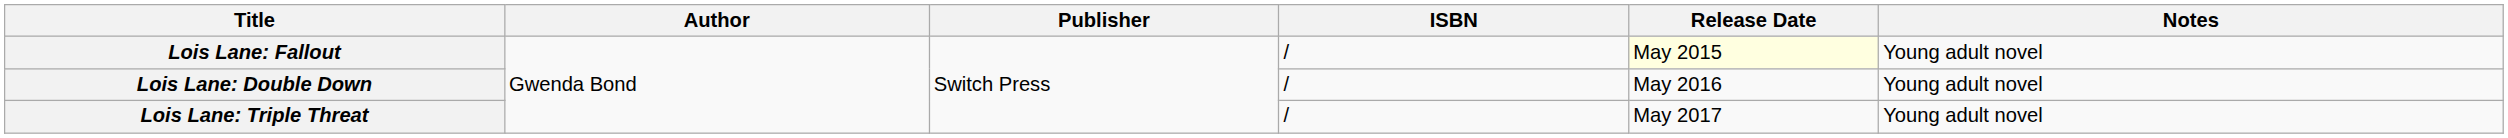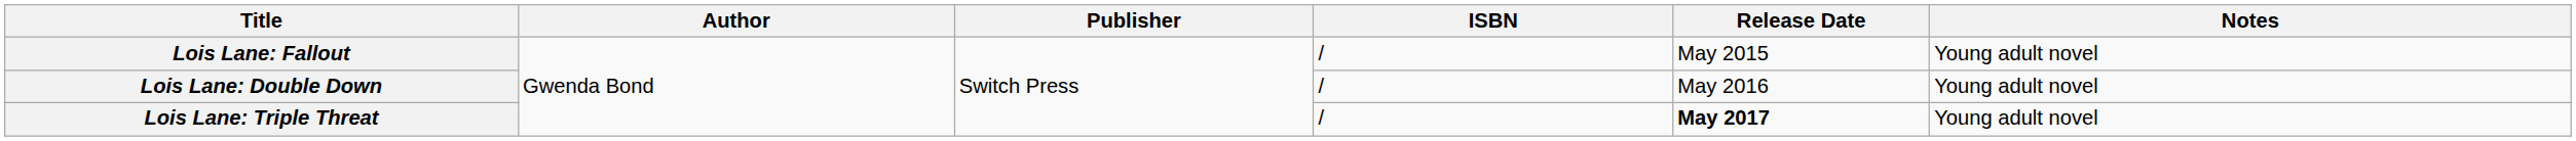 <table class="wikitable" width=100%>
 <tr>
 <th width=20%>Title</th>
 <th width=17%>Author</th>
 <th width=14%>Publisher</th>
 <th width=14%>ISBN</th>
 <th width=10%>Release Date</th>
 <th width=25%>Notes</th>
 </tr>
 <tr>
 <th><em>Lois Lane: Fallout</em></th>
 <td rowspan="3">Gwenda Bond</td>
 <td rowspan="3">Switch Press</td>
 <td> / </td>
-<td style="background: lightyellow;">May 2015</td>
+<td>May 2015</td>
 <td>Young adult novel</td>
 </tr>
 <tr>
 <th><em>Lois Lane: Double Down</em></th>
 <td> / </td>
 <td>May 2016</td>
 <td>Young adult novel</td>
 </tr>
 <tr>
 <th><em>Lois Lane: Triple Threat</em></th>
 <td> / </td>
-<td>May 2017</td>
+<td><strong>May 2017</strong></td>
 <td>Young adult novel</td>
 </tr>
 </table>
